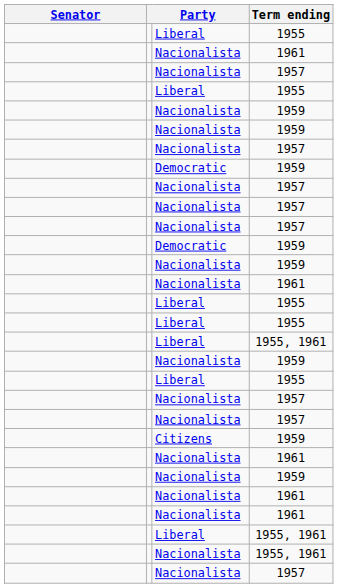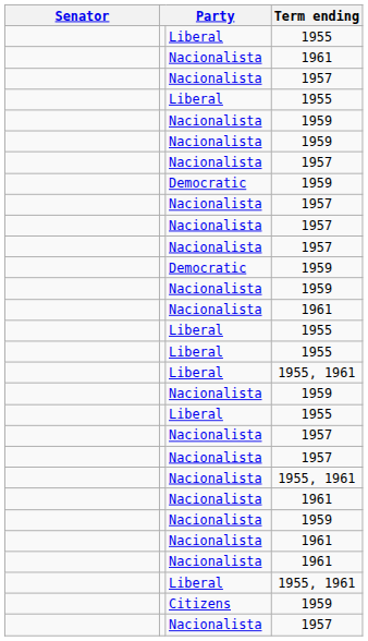 <table class="wikitable sortable">
 <tr>
 <th width="150px"><a href='#'>Senator</a></th>
 <th colspan="2"><a href='#'>Party</a></th>
 <th>Term ending</th>
 </tr>
 <tr>
 <td></td>
 <td></td>
 <td width="100px"><a href='#'>Liberal</a></td>
 <td align="center">1955</td>
 </tr>
 <tr>
 <td></td>
 <td></td>
 <td><a href='#'>Nacionalista</a></td>
 <td align="center">1961</td>
 </tr>
 <tr>
 <td></td>
 <td></td>
 <td><a href='#'>Nacionalista</a></td>
 <td align="center">1957</td>
 </tr>
 <tr>
 <td></td>
 <td></td>
 <td><a href='#'>Liberal</a></td>
 <td align="center">1955</td>
 </tr>
 <tr>
 <td></td>
 <td></td>
 <td><a href='#'>Nacionalista</a></td>
 <td align="center">1959</td>
 </tr>
 <tr>
 <td></td>
 <td></td>
 <td><a href='#'>Nacionalista</a></td>
 <td align="center">1959</td>
 </tr>
 <tr>
 <td></td>
 <td></td>
 <td><a href='#'>Nacionalista</a></td>
 <td align="center">1957</td>
 </tr>
 <tr>
 <td></td>
 <td></td>
 <td><a href='#'>Democratic</a></td>
 <td align="center">1959</td>
 </tr>
 <tr>
 <td></td>
 <td></td>
 <td><a href='#'>Nacionalista</a></td>
 <td align="center">1957</td>
 </tr>
 <tr>
 <td></td>
 <td></td>
 <td><a href='#'>Nacionalista</a></td>
 <td align="center">1957</td>
 </tr>
 <tr>
 <td></td>
 <td></td>
 <td><a href='#'>Nacionalista</a></td>
 <td align="center">1957</td>
 </tr>
 <tr>
 <td></td>
 <td></td>
 <td><a href='#'>Democratic</a></td>
 <td align="center">1959</td>
 </tr>
 <tr>
 <td></td>
 <td></td>
 <td><a href='#'>Nacionalista</a></td>
 <td align="center">1959</td>
 </tr>
 <tr>
 <td></td>
 <td></td>
 <td><a href='#'>Nacionalista</a></td>
 <td align="center">1961</td>
 </tr>
 <tr>
 <td></td>
 <td></td>
 <td><a href='#'>Liberal</a></td>
 <td align="center">1955</td>
 </tr>
 <tr>
 <td></td>
 <td></td>
 <td><a href='#'>Liberal</a></td>
 <td align="center">1955</td>
 </tr>
 <tr>
 <td></td>
 <td></td>
 <td><a href='#'>Liberal</a></td>
 <td align="center">1955, 1961</td>
 </tr>
 <tr>
 <td></td>
 <td></td>
 <td><a href='#'>Nacionalista</a></td>
 <td align="center">1959</td>
 </tr>
 <tr>
 <td></td>
 <td></td>
 <td><a href='#'>Liberal</a></td>
 <td align="center">1955</td>
 </tr>
 <tr>
 <td></td>
 <td></td>
 <td><a href='#'>Nacionalista</a></td>
 <td align="center">1957</td>
 </tr>
 <tr>
 <td></td>
 <td></td>
 <td><a href='#'>Nacionalista</a></td>
 <td align="center">1957</td>
 </tr>
 <tr>
 <td></td>
 <td></td>
-<td><a href='#'>Citizens</a></td>
-<td align="center">1959</td>
+<td><a href='#'>Nacionalista</a></td>
+<td align="center">1955, 1961</td>
 </tr>
 <tr>
 <td></td>
 <td></td>
 <td><a href='#'>Nacionalista</a></td>
 <td align="center">1961</td>
 </tr>
 <tr>
 <td></td>
 <td></td>
 <td><a href='#'>Nacionalista</a></td>
 <td align="center">1959</td>
 </tr>
 <tr>
 <td></td>
 <td></td>
 <td><a href='#'>Nacionalista</a></td>
 <td align="center">1961</td>
 </tr>
 <tr>
 <td></td>
 <td></td>
 <td><a href='#'>Nacionalista</a></td>
 <td align="center">1961</td>
 </tr>
 <tr>
 <td></td>
 <td></td>
 <td><a href='#'>Liberal</a></td>
 <td align="center">1955, 1961</td>
 </tr>
 <tr>
 <td></td>
 <td></td>
-<td><a href='#'>Nacionalista</a></td>
-<td align="center">1955, 1961</td>
+<td><a href='#'>Citizens</a></td>
+<td align="center">1959</td>
 </tr>
 <tr>
 <td></td>
 <td></td>
 <td><a href='#'>Nacionalista</a></td>
 <td align="center">1957</td>
 </tr>
 </table>
